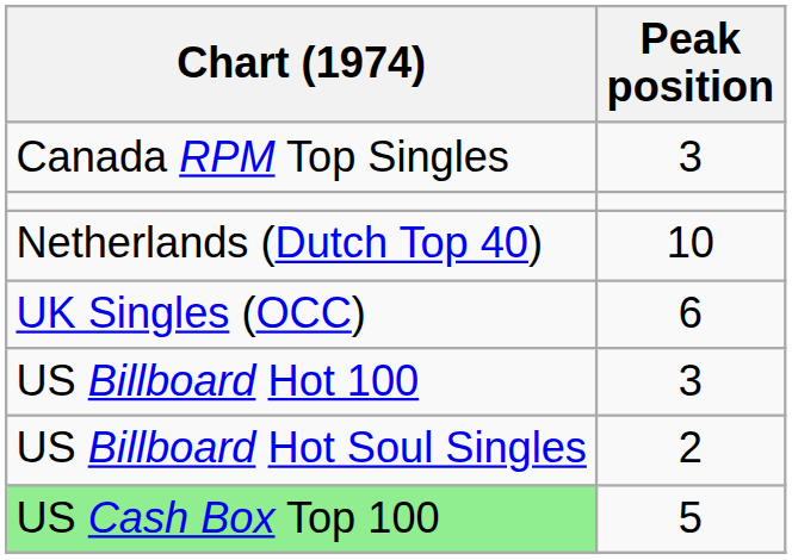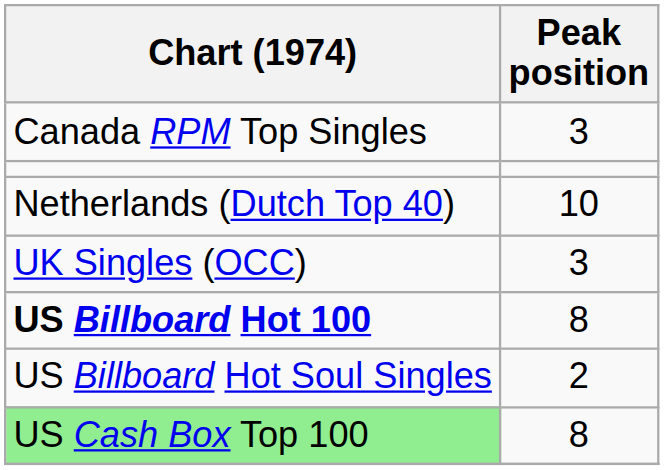 <table class="wikitable sortable">
 <tr>
 <th>Chart (1974)</th>
 <th>Peak<br>position</th>
 </tr>
 <tr>
 <td>Canada <em><a href='#'>RPM</a></em> Top Singles</td>
 <td style="text-align:center;">3</td>
 </tr>
 <tr>
 <td></td>
 </tr>
 <tr>
 <td>Netherlands (<a href='#'>Dutch Top 40</a>)</td>
 <td style="text-align:center;">10</td>
 </tr>
 <tr>
 <td><a href='#'>UK Singles</a> (<a href='#'>OCC</a>)</td>
-<td style="text-align:center;">6</td>
+<td style="text-align:center;">3</td>
 </tr>
 <tr>
-<td>US <em><a href='#'>Billboard</a></em> <a href='#'>Hot 100</a></td>
-<td style="text-align:center;">3</td>
+<td><strong>US <em><a href='#'>Billboard</a></em> <a href='#'>Hot 100</a></strong></td>
+<td style="text-align:center;">8</td>
 </tr>
 <tr>
 <td>US <em><a href='#'>Billboard</a></em> <a href='#'>Hot Soul Singles</a></td>
 <td style="text-align:center;">2</td>
 </tr>
 <tr>
 <td style="background: lightgreen;">US <a href='#'><em>Cash Box</em></a> Top 100</td>
-<td align="center">5</td>
+<td align="center">8</td>
 </tr>
 <tr>
 </tr>
 </table>
